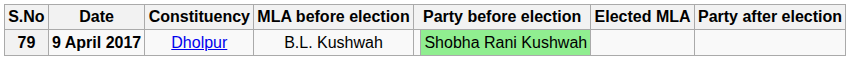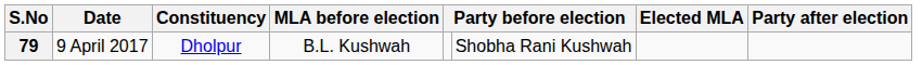 <table class="wikitable sortable" style="text-align:center;">
 <tr>
 <th>S.No</th>
 <th>Date</th>
 <th>Constituency</th>
 <th>MLA before election</th>
 <th colspan="2">Party before election</th>
 <th>Elected MLA</th>
 <th colspan="2">Party after election</th>
 </tr>
 <tr>
 <th>79</th>
-<td><strong>9 April 2017</strong></td>
+<td>9 April 2017</td>
 <td><a href='#'>Dholpur</a></td>
 <td>B.L. Kushwah</td>
 <td></td>
-<td style="background: lightgreen;">Shobha Rani Kushwah</td>
+<td>Shobha Rani Kushwah</td>
 <td></td>
 </tr>
 </table>
